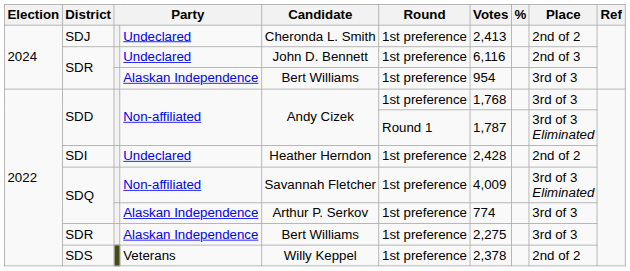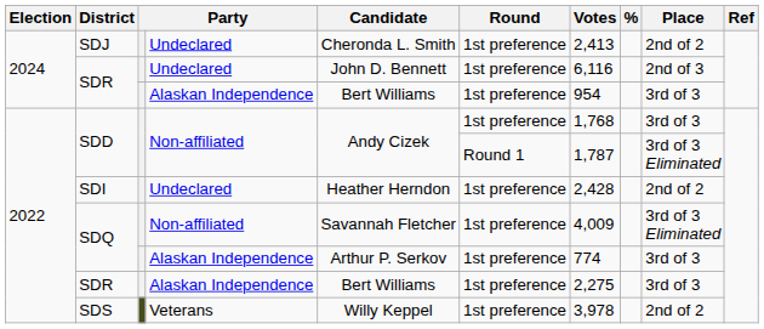 <table class="wikitable sortable">
 <tr>
 <th>Election</th>
 <th>District</th>
 <th colspan=2>Party</th>
 <th>Candidate</th>
 <th>Round</th>
 <th>Votes</th>
 <th>%</th>
 <th>Place</th>
 <th>Ref</th>
 </tr>
 <tr>
 <td rowspan=3>2024</td>
 <td>SDJ</td>
 <th style="background-color:"></th>
 <td><a href='#'>Undeclared</a></td>
 <td align="center">Cheronda L. Smith</td>
 <td>1st preference</td>
 <td>2,413</td>
 <td></td>
 <td>2nd of 2</td>
 <td rowspan=3></td>
 </tr>
 <tr>
 <td rowspan=2>SDR</td>
 <th style="background-color:"></th>
 <td><a href='#'>Undeclared</a></td>
 <td align="center">John D. Bennett</td>
 <td>1st preference</td>
 <td>6,116</td>
 <td></td>
 <td>2nd of 3</td>
 </tr>
 <tr>
 <th style="background-color:"></th>
 <td><a href='#'>Alaskan Independence</a></td>
 <td align="center">Bert Williams</td>
 <td>1st preference</td>
 <td>954</td>
 <td></td>
 <td>3rd of 3</td>
 </tr>
 <tr>
 <td rowspan=7>2022</td>
 <td rowspan=2>SDD</td>
 <th rowspan=2 style="background-color:"></th>
 <td rowspan=2><a href='#'>Non-affiliated</a></td>
 <td rowspan=2 align="center">Andy Cizek</td>
 <td>1st preference</td>
 <td>1,768</td>
 <td></td>
 <td>3rd of 3</td>
 <td rowspan=7></td>
 </tr>
 <tr>
 <td>Round 1</td>
 <td>1,787</td>
 <td></td>
 <td>3rd of 3<br><em>Eliminated</em></td>
 </tr>
 <tr>
 <td>SDI</td>
 <th style="background-color:"></th>
 <td><a href='#'>Undeclared</a></td>
 <td align="center">Heather Herndon</td>
 <td>1st preference</td>
 <td>2,428</td>
 <td></td>
 <td>2nd of 2</td>
 </tr>
 <tr>
 <td rowspan=2>SDQ</td>
 <th style="background-color:"></th>
 <td><a href='#'>Non-affiliated</a></td>
 <td align="center">Savannah Fletcher</td>
 <td>1st preference</td>
 <td>4,009</td>
 <td></td>
 <td>3rd of 3<br><em>Eliminated</em></td>
 </tr>
 <tr>
 <th style="background-color:"></th>
 <td><a href='#'>Alaskan Independence</a></td>
 <td align="center">Arthur P. Serkov</td>
 <td>1st preference</td>
 <td>774</td>
 <td></td>
 <td>3rd of 3</td>
 </tr>
 <tr>
 <td>SDR</td>
 <th style="background-color:"></th>
 <td><a href='#'>Alaskan Independence</a></td>
 <td align="center">Bert Williams</td>
 <td>1st preference</td>
 <td>2,275</td>
 <td></td>
 <td>3rd of 3</td>
 </tr>
 <tr>
 <td>SDS</td>
 <th style="background-color:#454B1B"></th>
 <td>Veterans</td>
 <td align="center">Willy Keppel</td>
 <td>1st preference</td>
-<td>2,378</td>
+<td>3,978</td>
 <td></td>
 <td>2nd of 2</td>
 </tr>
 </table>
